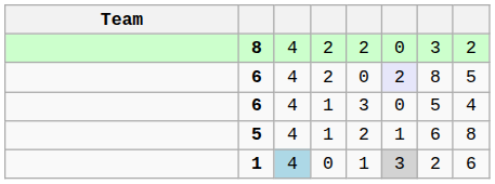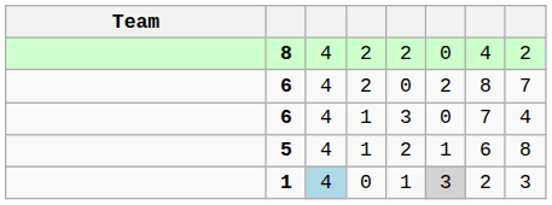 <table class="wikitable" style="text-align: center;">
 <tr>
 <th width=165>Team</th>
 <th width=20></th>
 <th width=20></th>
 <th width=20></th>
 <th width=20></th>
 <th width=20></th>
 <th width=20></th>
 <th width=20></th>
 </tr>
 <tr bgcolor=ccffcc>
 <td align=left></td>
 <td><strong>8</strong></td>
 <td>4</td>
 <td>2</td>
 <td>2</td>
 <td>0</td>
-<td>3</td>
+<td>4</td>
 <td>2</td>
 </tr>
 <tr>
 <td align=left></td>
 <td><strong>6</strong></td>
 <td>4</td>
 <td>2</td>
 <td>0</td>
-<td style="background: lavender;">2</td>
+<td>2</td>
 <td>8</td>
-<td>5</td>
+<td>7</td>
 </tr>
 <tr>
 <td align=left></td>
 <td><strong>6</strong></td>
 <td>4</td>
 <td>1</td>
 <td>3</td>
 <td>0</td>
-<td>5</td>
+<td>7</td>
 <td>4</td>
 </tr>
 <tr>
 <td align=left></td>
 <td><strong>5</strong></td>
 <td>4</td>
 <td>1</td>
 <td>2</td>
 <td>1</td>
 <td>6</td>
 <td>8</td>
 </tr>
 <tr>
 <td align=left></td>
 <td><strong>1</strong></td>
 <td style="background: lightblue;">4</td>
 <td>0</td>
 <td>1</td>
 <td style="background: lightgrey;">3</td>
 <td>2</td>
-<td>6</td>
+<td>3</td>
 </tr>
 </table>
